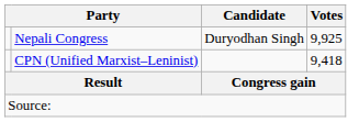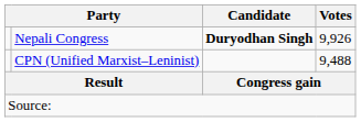 <table class="wikitable">
 <tr>
 <th colspan="2">Party</th>
 <th>Candidate</th>
 <th>Votes</th>
 </tr>
 <tr>
 <td style="background-color:"></td>
 <td><a href='#'>Nepali Congress</a></td>
-<td>Duryodhan Singh</td>
-<td>9,925</td>
+<td><strong>Duryodhan Singh</strong></td>
+<td>9,926</td>
 </tr>
 <tr>
 <td style="background-color:"></td>
 <td><a href='#'>CPN (Unified Marxist–Leninist)</a></td>
 <td></td>
-<td>9,418</td>
+<td>9,488</td>
 </tr>
 <tr>
 <th colspan="2">Result</th>
 <th colspan="2">Congress gain</th>
 </tr>
 <tr>
 <td colspan="4">Source: </td>
 </tr>
 </table>
